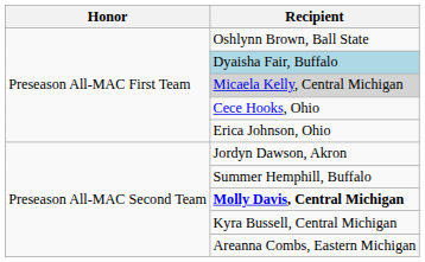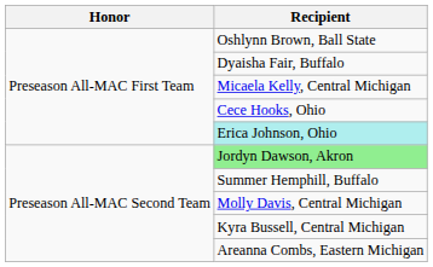 <table class="wikitable" border="1">
 <tr>
 <th>Honor</th>
 <th>Recipient</th>
 </tr>
 <tr>
 <td rowspan=5 valign=middle>Preseason All-MAC First Team</td>
 <td>Oshlynn Brown, Ball State</td>
 </tr>
 <tr>
-<td style="background: lightblue;">Dyaisha Fair, Buffalo</td>
+<td>Dyaisha Fair, Buffalo</td>
 </tr>
 <tr>
-<td style="background: lightgrey;"><a href='#'>Micaela Kelly</a>, Central Michigan</td>
+<td><a href='#'>Micaela Kelly</a>, Central Michigan</td>
 </tr>
 <tr>
 <td><a href='#'>Cece Hooks</a>, Ohio</td>
 </tr>
 <tr>
-<td>Erica Johnson, Ohio</td>
+<td style="background: paleturquoise;">Erica Johnson, Ohio</td>
 </tr>
 <tr>
 <td rowspan=6 valign=middle>Preseason All-MAC Second Team</td>
-<td>Jordyn Dawson, Akron</td>
+<td style="background: lightgreen;">Jordyn Dawson, Akron</td>
 </tr>
 <tr>
 <td>Summer Hemphill, Buffalo</td>
 </tr>
 <tr>
-<td><strong><a href='#'>Molly Davis</a>, Central Michigan</strong></td>
+<td><a href='#'>Molly Davis</a>, Central Michigan</td>
 </tr>
 <tr>
 <td>Kyra Bussell, Central Michigan</td>
 </tr>
 <tr>
 <td>Areanna Combs, Eastern Michigan</td>
 </tr>
 </table>
